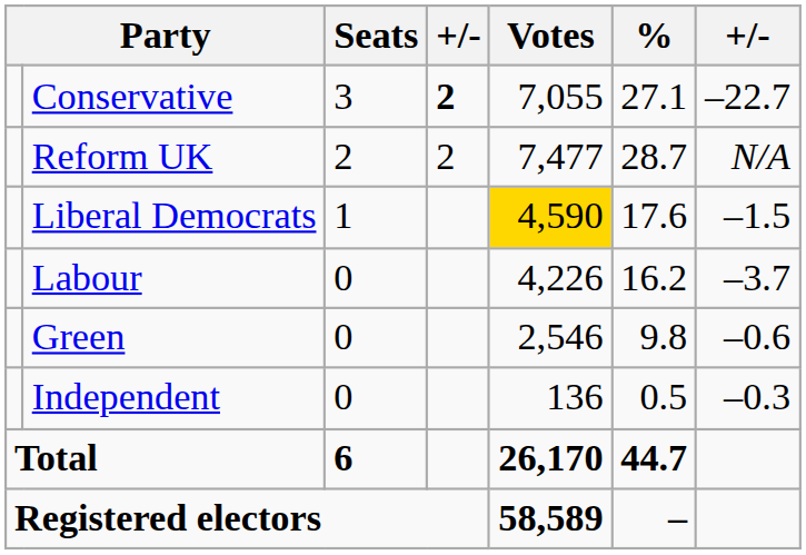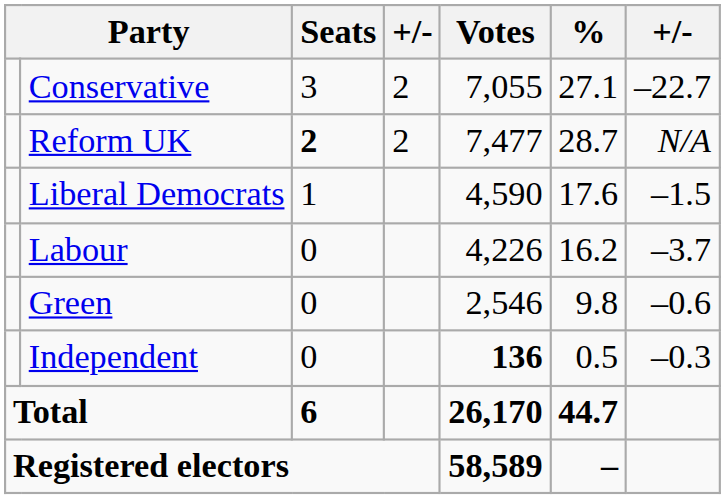 <table class="wikitable sortable">
 <tr>
 <th colspan="2">Party</th>
 <th>Seats</th>
 <th>+/-</th>
 <th>Votes</th>
 <th>%</th>
 <th>+/-</th>
 </tr>
 <tr>
 <td style="background-color: "></td>
 <td><a href='#'>Conservative</a></td>
 <td>3</td>
-<td><strong> 2</strong></td>
+<td> 2</td>
 <td style="text-align:right;">7,055</td>
 <td style="text-align:right;">27.1</td>
 <td style="text-align:right;">–22.7</td>
 </tr>
 <tr>
 <td style="background-color: "></td>
 <td><a href='#'>Reform UK</a></td>
-<td>2</td>
+<td><strong>2</strong></td>
 <td> 2</td>
 <td style="text-align:right;">7,477</td>
 <td style="text-align:right;">28.7</td>
 <td style="text-align:right;"><em>N/A</em></td>
 </tr>
 <tr>
 <td style="background-color: "></td>
 <td><a href='#'>Liberal Democrats</a></td>
 <td>1</td>
 <td></td>
-<td style="background: gold; text-align:right;">4,590</td>
+<td style="text-align:right;">4,590</td>
 <td style="text-align:right;">17.6</td>
 <td style="text-align:right;">–1.5</td>
 </tr>
 <tr>
 <td style="background-color: "></td>
 <td><a href='#'>Labour</a></td>
 <td>0</td>
 <td></td>
 <td style="text-align:right;">4,226</td>
 <td style="text-align:right;">16.2</td>
 <td style="text-align:right;">–3.7</td>
 </tr>
 <tr>
 <td style="background-color: "></td>
 <td><a href='#'>Green</a></td>
 <td>0</td>
 <td></td>
 <td style="text-align:right;">2,546</td>
 <td style="text-align:right;">9.8</td>
 <td style="text-align:right;">–0.6</td>
 </tr>
 <tr>
 <td style="background-color: "></td>
 <td><a href='#'>Independent</a></td>
 <td>0</td>
 <td></td>
-<td style="text-align:right;">136</td>
+<td style="text-align:right;"><strong>136</strong></td>
 <td style="text-align:right;">0.5</td>
 <td style="text-align:right;">–0.3</td>
 </tr>
 <tr>
 <td colspan="2"><strong>Total</strong></td>
 <td><strong>6</strong></td>
 <td></td>
 <td style="text-align:right;"><strong>26,170</strong></td>
 <td style="text-align:right;"><strong>44.7</strong></td>
 <td style="text-align:right;"></td>
 </tr>
 <tr>
 <td colspan="4"><strong>Registered electors</strong></td>
 <td style="text-align:right;"><strong>58,589</strong></td>
 <td style="text-align:right;"><strong>–</strong></td>
 <td style="text-align:right;"></td>
 </tr>
 </table>
